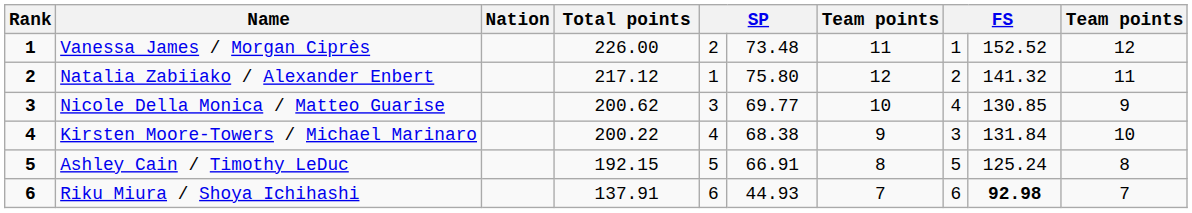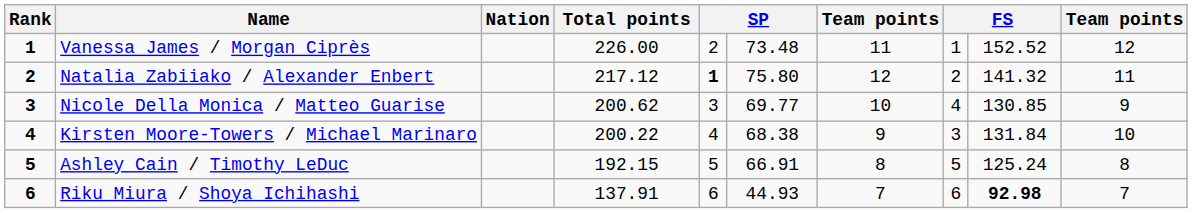 <table class="wikitable sortable">
 <tr>
 <th>Rank</th>
 <th>Name</th>
 <th>Nation</th>
 <th width="100">Total points</th>
 <th width="80" colspan="2"><a href='#'>SP</a></th>
 <th>Team points</th>
 <th width="80" colspan="2"><a href='#'>FS</a></th>
 <th>Team points</th>
 </tr>
 <tr>
 <td style="text-align: center;"><strong>1</strong></td>
 <td><a href='#'>Vanessa James</a> / <a href='#'>Morgan Ciprès</a></td>
 <td></td>
 <td style="text-align: center;">226.00</td>
 <td style="text-align: center;">2</td>
 <td style="text-align: center;">73.48</td>
 <td style="text-align: center;">11</td>
 <td style="text-align: center;">1</td>
 <td style="text-align: center;">152.52</td>
 <td style="text-align: center;">12</td>
 </tr>
 <tr>
 <td style="text-align: center;"><strong>2</strong></td>
 <td><a href='#'>Natalia Zabiiako</a> / <a href='#'>Alexander Enbert</a></td>
 <td></td>
 <td style="text-align: center;">217.12</td>
-<td style="text-align: center;">1</td>
+<td style="text-align: center;"><strong>1</strong></td>
 <td style="text-align: center;">75.80</td>
 <td style="text-align: center;">12</td>
 <td style="text-align: center;">2</td>
 <td style="text-align: center;">141.32</td>
 <td style="text-align: center;">11</td>
 </tr>
 <tr>
 <td style="text-align: center;"><strong>3</strong></td>
 <td><a href='#'>Nicole Della Monica</a> / <a href='#'>Matteo Guarise</a></td>
 <td></td>
 <td style="text-align: center;">200.62</td>
 <td style="text-align: center;">3</td>
 <td style="text-align: center;">69.77</td>
 <td style="text-align: center;">10</td>
 <td style="text-align: center;">4</td>
 <td style="text-align: center;">130.85</td>
 <td style="text-align: center;">9</td>
 </tr>
 <tr>
 <td style="text-align: center;"><strong>4</strong></td>
 <td><a href='#'>Kirsten Moore-Towers</a> / <a href='#'>Michael Marinaro</a></td>
 <td></td>
 <td style="text-align: center;">200.22</td>
 <td style="text-align: center;">4</td>
 <td style="text-align: center;">68.38</td>
 <td style="text-align: center;">9</td>
 <td style="text-align: center;">3</td>
 <td style="text-align: center;">131.84</td>
 <td style="text-align: center;">10</td>
 </tr>
 <tr>
 <td style="text-align: center;"><strong>5</strong></td>
 <td><a href='#'>Ashley Cain</a> / <a href='#'>Timothy LeDuc</a></td>
 <td></td>
 <td style="text-align: center;">192.15</td>
 <td style="text-align: center;">5</td>
 <td style="text-align: center;">66.91</td>
 <td style="text-align: center;">8</td>
 <td style="text-align: center;">5</td>
 <td style="text-align: center;">125.24</td>
 <td style="text-align: center;">8</td>
 </tr>
 <tr>
 <td style="text-align: center;"><strong>6</strong></td>
 <td><a href='#'>Riku Miura</a> / <a href='#'>Shoya Ichihashi</a></td>
 <td></td>
 <td style="text-align: center;">137.91</td>
 <td style="text-align: center;">6</td>
 <td style="text-align: center;">44.93</td>
 <td style="text-align: center;">7</td>
 <td style="text-align: center;">6</td>
 <td style="text-align: center;"><strong>92.98</strong></td>
 <td style="text-align: center;">7</td>
 </tr>
 </table>
